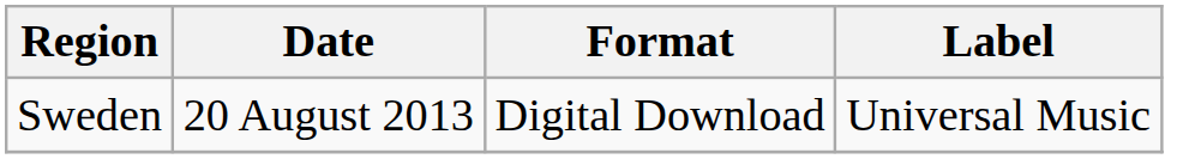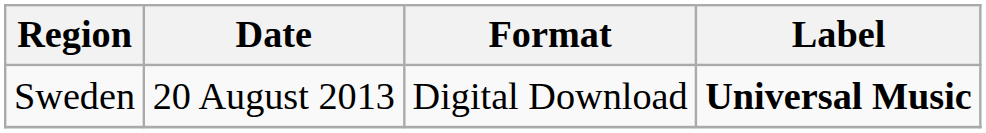 <table class=wikitable>
 <tr>
 <th>Region</th>
 <th>Date</th>
 <th>Format</th>
 <th>Label</th>
 </tr>
 <tr>
 <td>Sweden</td>
 <td>20 August 2013</td>
 <td>Digital Download</td>
-<td>Universal Music</td>
+<td><strong>Universal Music</strong></td>
 </tr>
 <tr>
 </tr>
 </table>
